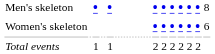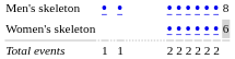 <table>
 <tr>
 <td align=left>Men's skeleton</td>
 <td></td>
 <td><big><strong><a href='#'>•</a></strong></big></td>
 <td></td>
 <td></td>
 <td><big><strong><a href='#'>•</a></strong></big></td>
 <td></td>
 <td></td>
 <td></td>
 <td></td>
 <td></td>
 <td></td>
 <td></td>
 <td></td>
 <td></td>
 <td></td>
 <td></td>
 <td></td>
 <td></td>
 <td><big><strong><a href='#'>•</a></strong></big></td>
 <td><big><strong><a href='#'>•</a></strong></big></td>
 <td><big><strong><a href='#'>•</a></strong></big></td>
 <td><big><strong><a href='#'>•</a></strong></big></td>
 <td><big><strong><a href='#'>•</a></strong></big></td>
 <td><big><strong><a href='#'>•</a></strong></big></td>
 <td>8</td>
 </tr>
 <tr>
 <td align=left>Women's skeleton</td>
 <td></td>
 <td></td>
 <td></td>
 <td></td>
 <td></td>
 <td></td>
 <td></td>
 <td></td>
 <td></td>
 <td></td>
 <td></td>
 <td></td>
 <td></td>
 <td></td>
 <td></td>
 <td></td>
 <td></td>
 <td></td>
 <td><big><strong><a href='#'>•</a></strong></big></td>
 <td><big><strong><a href='#'>•</a></strong></big></td>
 <td><big><strong><a href='#'>•</a></strong></big></td>
 <td><big><strong><a href='#'>•</a></strong></big></td>
 <td><big><strong><a href='#'>•</a></strong></big></td>
 <td><big><strong><a href='#'>•</a></strong></big></td>
-<td>6</td>
+<td style="background: lightgrey;">6</td>
 </tr>
 <tr bgcolor=lightgray>
 <td></td>
 <td></td>
 <td></td>
 <td></td>
 <td></td>
 <td></td>
 <td></td>
 <td></td>
 <td></td>
 <td></td>
 <td></td>
 <td></td>
 <td></td>
 <td></td>
 <td></td>
 <td></td>
 <td></td>
 <td></td>
 <td></td>
 <td></td>
 <td></td>
 <td></td>
 <td></td>
 <td></td>
 <td></td>
 <td></td>
 </tr>
 <tr>
 <td><em>Total events</em></td>
 <td></td>
 <td>1</td>
 <td></td>
 <td></td>
 <td>1</td>
 <td></td>
 <td></td>
 <td></td>
 <td></td>
 <td></td>
 <td></td>
 <td></td>
 <td></td>
 <td></td>
 <td></td>
 <td></td>
 <td></td>
 <td></td>
 <td>2</td>
 <td>2</td>
 <td>2</td>
 <td>2</td>
 <td>2</td>
 <td>2</td>
 <td></td>
 </tr>
 </table>
